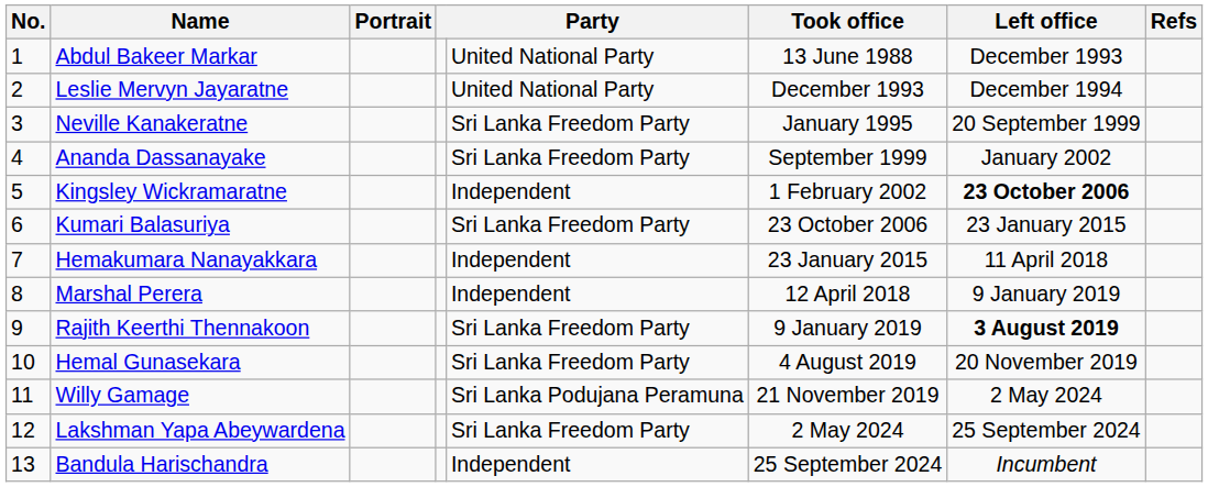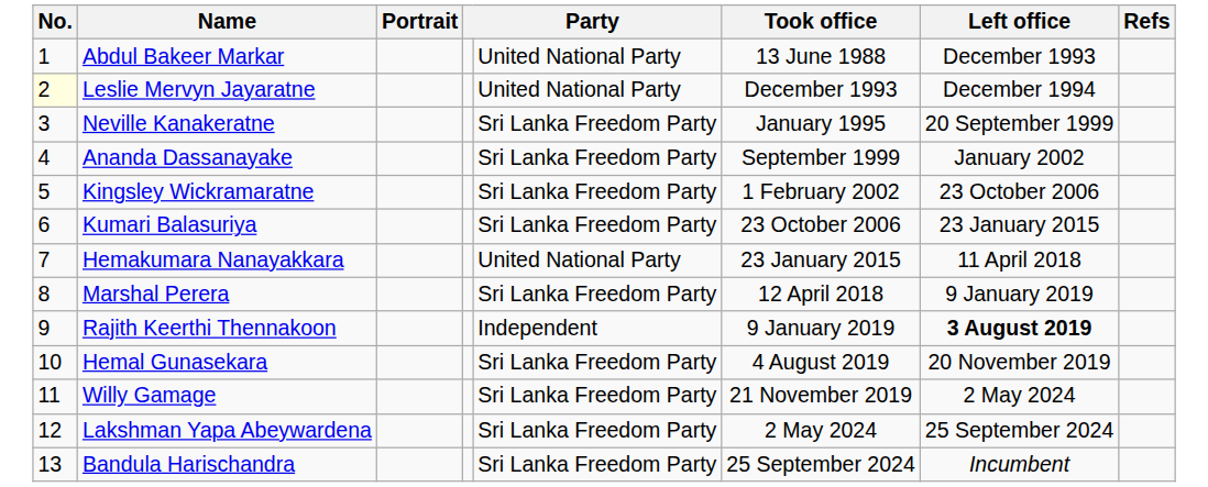 <table class="wikitable plainrowheaders sortable" style="margin:1em auto; text-align:left;">
 <tr>
 <th>No.</th>
 <th>Name</th>
 <th class=unsortable>Portrait</th>
 <th colspan="2">Party</th>
 <th>Took office</th>
 <th>Left office</th>
 <th class=unsortable>Refs</th>
 </tr>
 <tr>
 <td>1</td>
 <td><a href='#'>Abdul Bakeer Markar</a></td>
 <td></td>
 <td !align="center" style="background:"></td>
 <td>United National Party</td>
 <td align=center>13 June 1988</td>
 <td align=center>December 1993</td>
 <td align=center></td>
 </tr>
 <tr>
-<td>2</td>
+<td style="background: lightyellow;">2</td>
 <td><a href='#'>Leslie Mervyn Jayaratne</a></td>
 <td></td>
 <td !align="center" style="background:"></td>
 <td>United National Party</td>
 <td align=center>December 1993</td>
 <td align=center>December 1994</td>
 <td align=center></td>
 </tr>
 <tr>
 <td>3</td>
 <td><a href='#'>Neville Kanakeratne</a></td>
 <td></td>
 <td !align="center" style="background:"></td>
 <td>Sri Lanka Freedom Party</td>
 <td align=center>January 1995</td>
 <td align=center>20 September 1999</td>
 <td align=center></td>
 </tr>
 <tr>
 <td>4</td>
 <td><a href='#'>Ananda Dassanayake</a></td>
 <td></td>
 <td !align="center" style="background:"></td>
 <td>Sri Lanka Freedom Party</td>
 <td align=center>September 1999</td>
 <td align=center>January 2002</td>
 <td align=center></td>
 </tr>
 <tr>
 <td>5</td>
 <td><a href='#'>Kingsley Wickramaratne</a></td>
 <td></td>
 <td !align="center" style="background:"></td>
-<td>Independent</td>
+<td>Sri Lanka Freedom Party</td>
 <td align=center>1 February 2002</td>
-<td align=center><strong>23 October 2006</strong></td>
+<td align=center>23 October 2006</td>
 <td align=center></td>
 </tr>
 <tr>
 <td>6</td>
 <td><a href='#'>Kumari Balasuriya</a></td>
 <td></td>
 <td !align="center" style="background:"></td>
 <td>Sri Lanka Freedom Party</td>
 <td align=center>23 October 2006</td>
 <td align=center>23 January 2015</td>
 <td align=center></td>
 </tr>
 <tr>
 <td>7</td>
 <td><a href='#'>Hemakumara Nanayakkara</a></td>
 <td></td>
 <td !align="center" style="background:"></td>
-<td>Independent</td>
+<td>United National Party</td>
 <td align=center>23 January 2015</td>
 <td align=center>11 April 2018</td>
 <td align=center></td>
 </tr>
 <tr>
 <td>8</td>
 <td><a href='#'>Marshal Perera</a></td>
 <td></td>
 <td !align="center" style="background:"></td>
-<td>Independent</td>
+<td>Sri Lanka Freedom Party</td>
 <td align=center>12 April 2018</td>
 <td align=center>9 January 2019</td>
 <td align=center></td>
 </tr>
 <tr>
 <td>9</td>
 <td><a href='#'>Rajith Keerthi Thennakoon</a></td>
 <td></td>
 <td !align="center" style="background:"></td>
-<td>Sri Lanka Freedom Party</td>
+<td>Independent</td>
 <td align=center>9 January 2019</td>
 <td align=center><strong>3 August 2019</strong></td>
 <td align=center></td>
 </tr>
 <tr>
 <td>10</td>
 <td><a href='#'>Hemal Gunasekara</a></td>
 <td></td>
 <td !align="center" style="background:"></td>
 <td>Sri Lanka Freedom Party</td>
 <td align=center>4 August 2019</td>
 <td align=center>20 November 2019</td>
 <td align=center></td>
 </tr>
 <tr>
 <td>11</td>
 <td><a href='#'>Willy Gamage</a></td>
 <td></td>
 <td !align="center" style="background:"></td>
-<td>Sri Lanka Podujana Peramuna</td>
+<td>Sri Lanka Freedom Party</td>
 <td align=center>21 November 2019</td>
 <td align=center>2 May 2024</td>
 <td align=center></td>
 </tr>
 <tr>
 <td>12</td>
 <td><a href='#'>Lakshman Yapa Abeywardena</a></td>
 <td></td>
 <td !align="center" style="background:"></td>
 <td>Sri Lanka Freedom Party</td>
 <td align=center>2 May 2024</td>
 <td align=center>25 September 2024</td>
 <td align=center></td>
 </tr>
 <tr>
 <td>13</td>
 <td><a href='#'>Bandula Harischandra</a></td>
 <td></td>
 <td !align="center" style="background:"></td>
-<td>Independent</td>
+<td>Sri Lanka Freedom Party</td>
 <td align=center>25 September 2024</td>
 <td align=center><em>Incumbent</em></td>
 <td align=center></td>
 </tr>
 </table>
